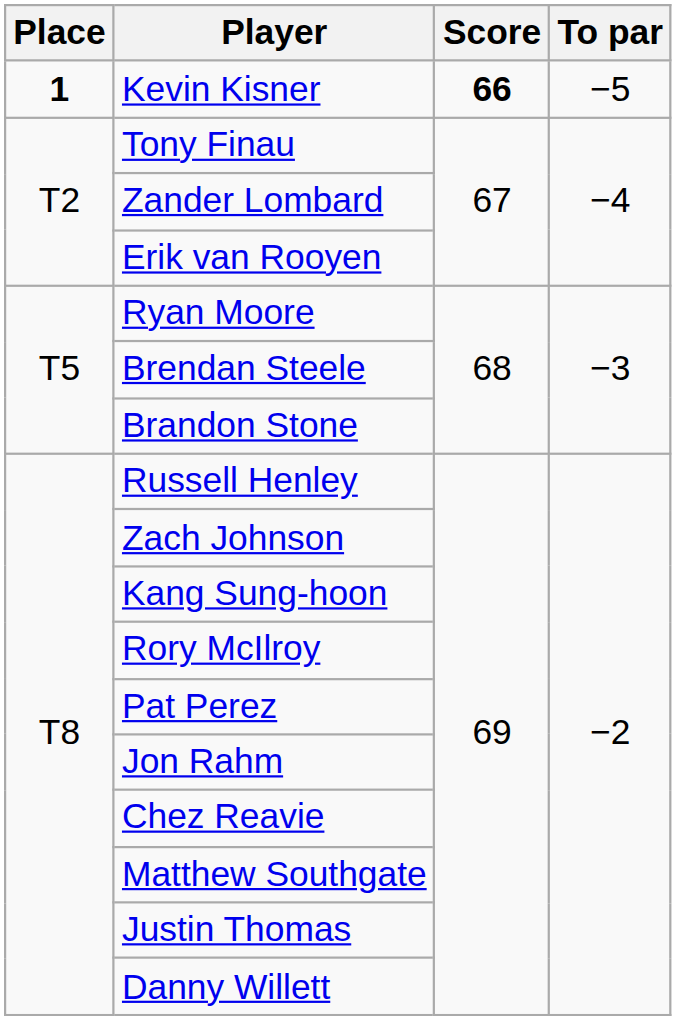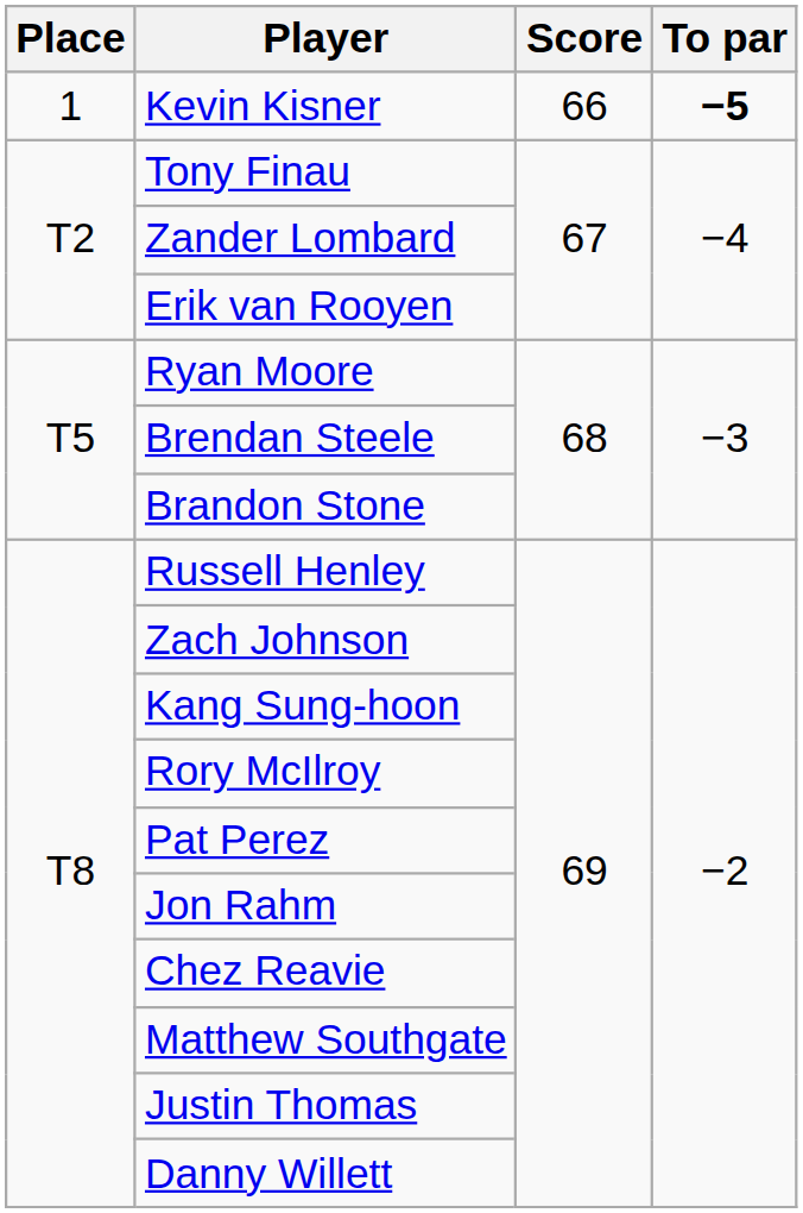 <table class="wikitable">
 <tr>
 <th>Place</th>
 <th>Player</th>
 <th>Score</th>
 <th>To par</th>
 </tr>
 <tr>
-<td align=center><strong>1</strong></td>
+<td align=center>1</td>
 <td> <a href='#'>Kevin Kisner</a></td>
-<td align=center><strong>66</strong></td>
-<td align=center>−5</td>
+<td align=center>66</td>
+<td align=center><strong>−5</strong></td>
 </tr>
 <tr>
 <td rowspan=3 align=center>T2</td>
 <td> <a href='#'>Tony Finau</a></td>
 <td rowspan=3 align=center>67</td>
 <td rowspan=3 align=center>−4</td>
 </tr>
 <tr>
 <td> <a href='#'>Zander Lombard</a></td>
 </tr>
 <tr>
 <td> <a href='#'>Erik van Rooyen</a></td>
 </tr>
 <tr>
 <td rowspan=3 align=center>T5</td>
 <td> <a href='#'>Ryan Moore</a></td>
 <td rowspan=3 align=center>68</td>
 <td rowspan=3 align=center>−3</td>
 </tr>
 <tr>
 <td> <a href='#'>Brendan Steele</a></td>
 </tr>
 <tr>
 <td> <a href='#'>Brandon Stone</a></td>
 </tr>
 <tr>
 <td rowspan=10 align=center>T8</td>
 <td> <a href='#'>Russell Henley</a></td>
 <td rowspan=10 align=center>69</td>
 <td rowspan=10 align=center>−2</td>
 </tr>
 <tr>
 <td> <a href='#'>Zach Johnson</a></td>
 </tr>
 <tr>
 <td> <a href='#'>Kang Sung-hoon</a></td>
 </tr>
 <tr>
 <td> <a href='#'>Rory McIlroy</a></td>
 </tr>
 <tr>
 <td> <a href='#'>Pat Perez</a></td>
 </tr>
 <tr>
 <td> <a href='#'>Jon Rahm</a></td>
 </tr>
 <tr>
 <td> <a href='#'>Chez Reavie</a></td>
 </tr>
 <tr>
 <td> <a href='#'>Matthew Southgate</a></td>
 </tr>
 <tr>
 <td> <a href='#'>Justin Thomas</a></td>
 </tr>
 <tr>
 <td> <a href='#'>Danny Willett</a></td>
 </tr>
 </table>
